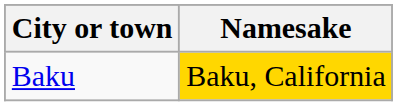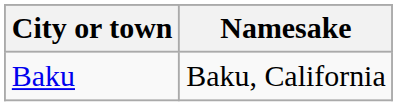 <table class="wikitable">
 <tr>
 <th>City or town</th>
 <th>Namesake</th>
 </tr>
 <tr>
 <td><a href='#'>Baku</a></td>
-<td style="background: gold;">Baku, California</td>
+<td>Baku, California</td>
 </tr>
 </table>
